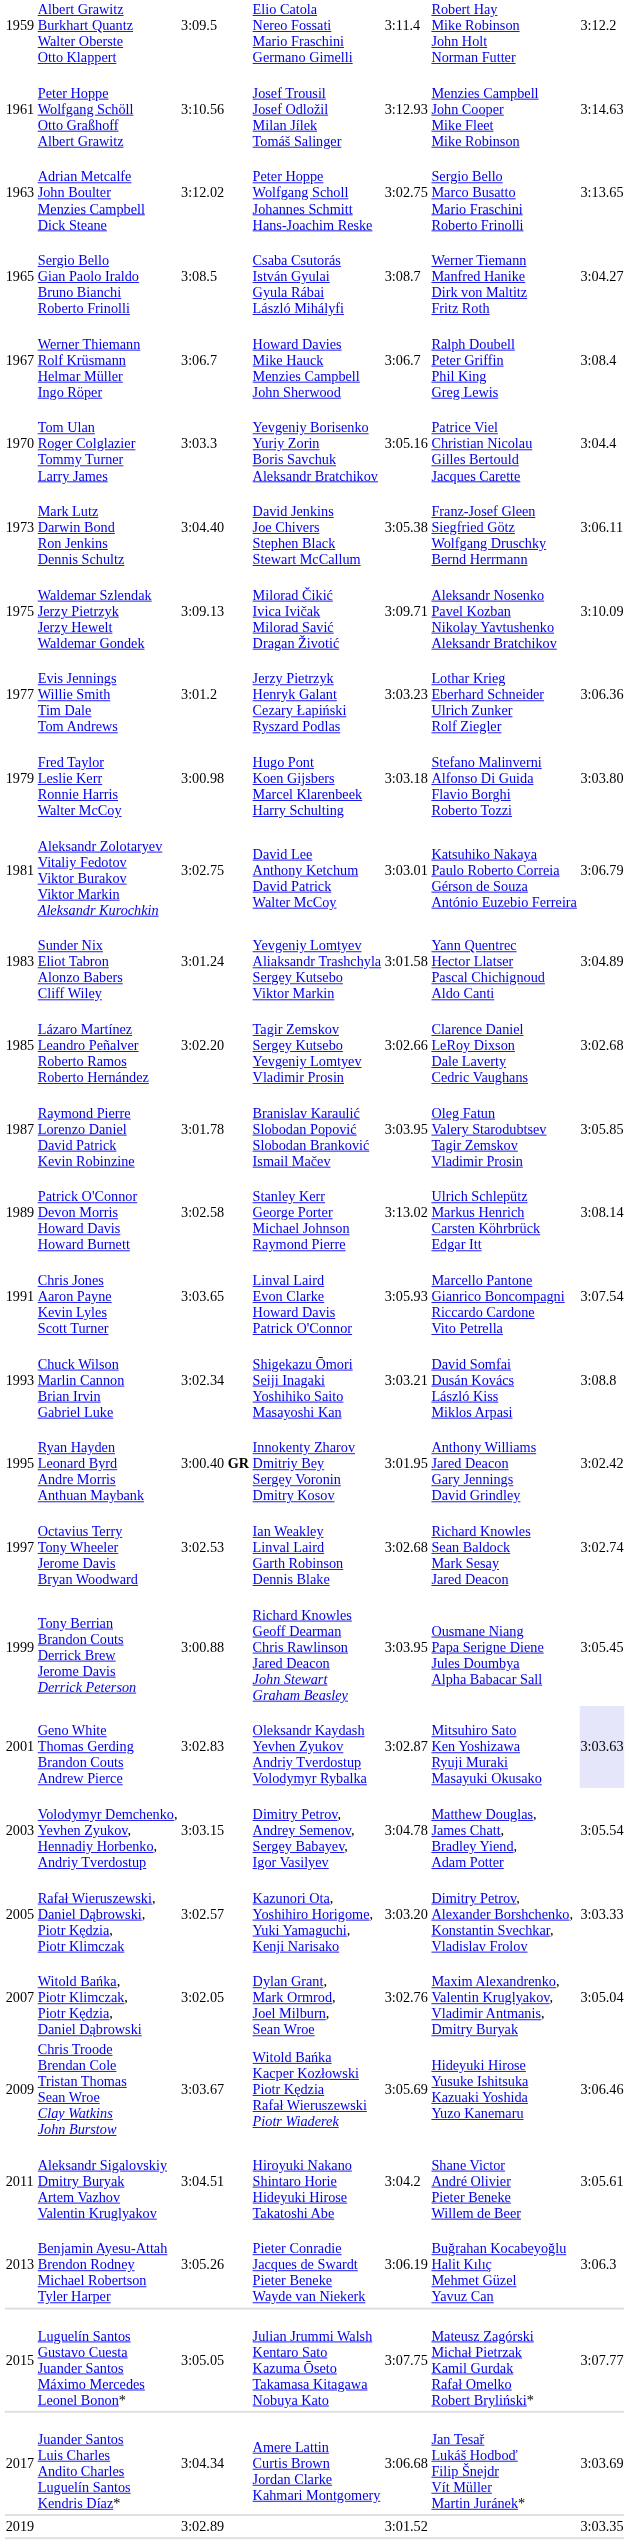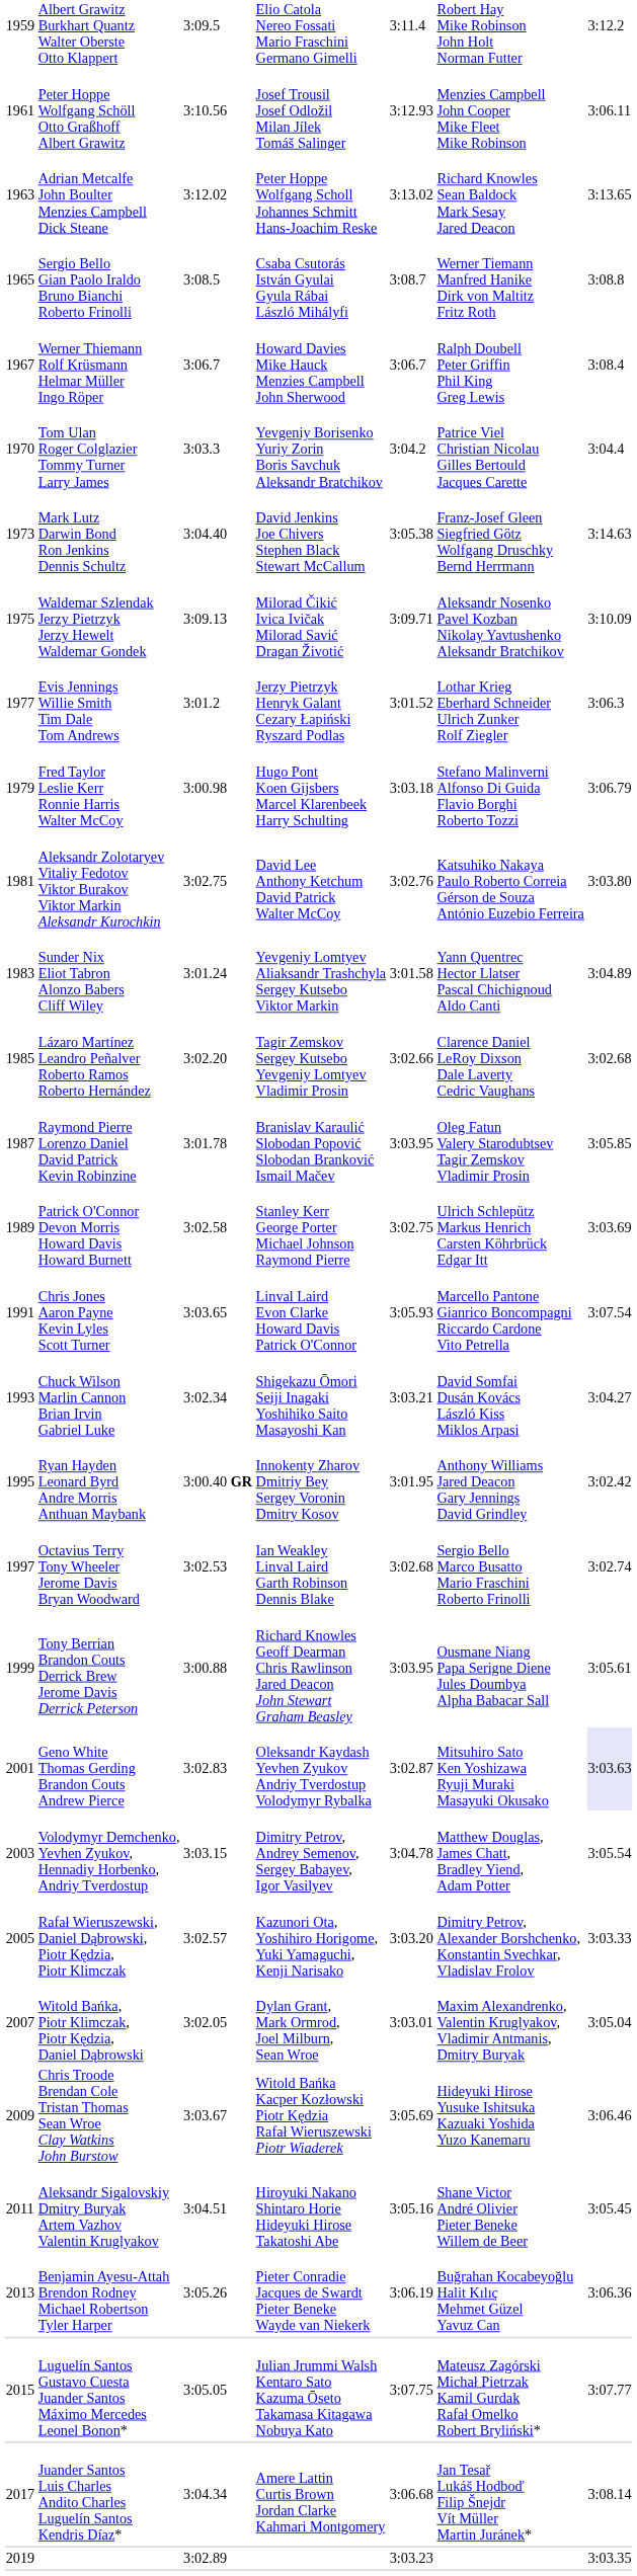 <table>
 <tr>
 <td>1959</td>
 <td><br><a href='#'>Albert Grawitz</a><br><a href='#'>Burkhart Quantz</a><br><a href='#'>Walter Oberste</a><br><a href='#'>Otto Klappert</a></td>
 <td>3:09.5</td>
 <td><br><a href='#'>Elio Catola</a><br><a href='#'>Nereo Fossati</a><br><a href='#'>Mario Fraschini</a><br><a href='#'>Germano Gimelli</a></td>
 <td>3:11.4</td>
 <td><br><a href='#'>Robert Hay</a><br><a href='#'>Mike Robinson</a><br><a href='#'>John Holt</a><br><a href='#'>Norman Futter</a></td>
 <td>3:12.2</td>
 </tr>
 <tr>
 <td>1961</td>
 <td><br><a href='#'>Peter Hoppe</a><br><a href='#'>Wolfgang Schöll</a><br><a href='#'>Otto Graßhoff</a><br><a href='#'>Albert Grawitz</a></td>
 <td>3:10.56</td>
 <td><br><a href='#'>Josef Trousil</a><br><a href='#'>Josef Odložil</a><br><a href='#'>Milan Jílek</a><br><a href='#'>Tomáš Salinger</a></td>
 <td>3:12.93</td>
 <td><br><a href='#'>Menzies Campbell</a><br><a href='#'>John Cooper</a><br><a href='#'>Mike Fleet</a><br><a href='#'>Mike Robinson</a></td>
-<td>3:14.63</td>
+<td>3:06.11</td>
 </tr>
 <tr>
 <td>1963</td>
 <td><br><a href='#'>Adrian Metcalfe</a><br><a href='#'>John Boulter</a><br><a href='#'>Menzies Campbell</a><br><a href='#'>Dick Steane</a></td>
 <td>3:12.02</td>
 <td><br><a href='#'>Peter Hoppe</a><br><a href='#'>Wolfgang Scholl</a><br><a href='#'>Johannes Schmitt</a><br><a href='#'>Hans-Joachim Reske</a></td>
-<td>3:02.75</td>
-<td><br><a href='#'>Sergio Bello</a><br><a href='#'>Marco Busatto</a><br><a href='#'>Mario Fraschini</a><br><a href='#'>Roberto Frinolli</a></td>
+<td>3:13.02</td>
+<td><br><a href='#'>Richard Knowles</a><br><a href='#'>Sean Baldock</a><br><a href='#'>Mark Sesay</a><br><a href='#'>Jared Deacon</a></td>
 <td>3:13.65</td>
 </tr>
 <tr>
 <td>1965</td>
 <td><br><a href='#'>Sergio Bello</a><br><a href='#'>Gian Paolo Iraldo</a><br><a href='#'>Bruno Bianchi</a><br><a href='#'>Roberto Frinolli</a></td>
 <td>3:08.5</td>
 <td><br><a href='#'>Csaba Csutorás</a><br><a href='#'>István Gyulai</a><br><a href='#'>Gyula Rábai</a><br><a href='#'>László Mihályfi</a></td>
 <td>3:08.7</td>
 <td><br><a href='#'>Werner Tiemann</a><br><a href='#'>Manfred Hanike</a><br><a href='#'>Dirk von Maltitz</a><br><a href='#'>Fritz Roth</a></td>
-<td>3:04.27</td>
+<td>3:08.8</td>
 </tr>
 <tr>
 <td>1967</td>
 <td><br><a href='#'>Werner Thiemann</a><br><a href='#'>Rolf Krüsmann</a><br><a href='#'>Helmar Müller</a><br><a href='#'>Ingo Röper</a></td>
 <td>3:06.7</td>
 <td><br><a href='#'>Howard Davies</a><br><a href='#'>Mike Hauck</a><br><a href='#'>Menzies Campbell</a><br><a href='#'>John Sherwood</a></td>
 <td>3:06.7</td>
 <td><br><a href='#'>Ralph Doubell</a><br><a href='#'>Peter Griffin</a><br><a href='#'>Phil King</a><br><a href='#'>Greg Lewis</a></td>
 <td>3:08.4</td>
 </tr>
 <tr>
 <td>1970</td>
 <td><br><a href='#'>Tom Ulan</a><br><a href='#'>Roger Colglazier</a><br><a href='#'>Tommy Turner</a><br><a href='#'>Larry James</a></td>
 <td>3:03.3</td>
 <td><br><a href='#'>Yevgeniy Borisenko</a><br><a href='#'>Yuriy Zorin</a><br><a href='#'>Boris Savchuk</a><br><a href='#'>Aleksandr Bratchikov</a></td>
-<td>3:05.16</td>
+<td>3:04.2</td>
 <td><br><a href='#'>Patrice Viel</a><br><a href='#'>Christian Nicolau</a><br><a href='#'>Gilles Bertould</a><br><a href='#'>Jacques Carette</a></td>
 <td>3:04.4</td>
 </tr>
 <tr>
 <td>1973</td>
 <td><br><a href='#'>Mark Lutz</a><br><a href='#'>Darwin Bond</a><br><a href='#'>Ron Jenkins</a><br><a href='#'>Dennis Schultz</a></td>
 <td>3:04.40</td>
 <td><br><a href='#'>David Jenkins</a><br><a href='#'>Joe Chivers</a><br><a href='#'>Stephen Black</a><br><a href='#'>Stewart McCallum</a></td>
 <td>3:05.38</td>
 <td><br><a href='#'>Franz-Josef Gleen</a><br><a href='#'>Siegfried Götz</a><br><a href='#'>Wolfgang Druschky</a><br><a href='#'>Bernd Herrmann</a></td>
-<td>3:06.11</td>
+<td>3:14.63</td>
 </tr>
 <tr>
 <td>1975</td>
 <td><br><a href='#'>Waldemar Szlendak</a><br><a href='#'>Jerzy Pietrzyk</a><br><a href='#'>Jerzy Hewelt</a><br><a href='#'>Waldemar Gondek</a></td>
 <td>3:09.13</td>
 <td><br><a href='#'>Milorad Čikić</a><br><a href='#'>Ivica Ivičak</a><br><a href='#'>Milorad Savić</a><br><a href='#'>Dragan Životić</a></td>
 <td>3:09.71</td>
 <td><br><a href='#'>Aleksandr Nosenko</a><br><a href='#'>Pavel Kozban</a><br><a href='#'>Nikolay Yavtushenko</a><br><a href='#'>Aleksandr Bratchikov</a></td>
 <td>3:10.09</td>
 </tr>
 <tr>
 <td>1977</td>
 <td><br><a href='#'>Evis Jennings</a><br><a href='#'>Willie Smith</a><br><a href='#'>Tim Dale</a><br><a href='#'>Tom Andrews</a></td>
 <td>3:01.2</td>
 <td><br><a href='#'>Jerzy Pietrzyk</a><br><a href='#'>Henryk Galant</a><br><a href='#'>Cezary Łapiński</a><br><a href='#'>Ryszard Podlas</a></td>
-<td>3:03.23</td>
+<td>3:01.52</td>
 <td><br><a href='#'>Lothar Krieg</a><br><a href='#'>Eberhard Schneider</a><br><a href='#'>Ulrich Zunker</a><br><a href='#'>Rolf Ziegler</a></td>
-<td>3:06.36</td>
+<td>3:06.3</td>
 </tr>
 <tr>
 <td>1979</td>
 <td><br><a href='#'>Fred Taylor</a><br><a href='#'>Leslie Kerr</a><br><a href='#'>Ronnie Harris</a><br><a href='#'>Walter McCoy</a></td>
 <td>3:00.98</td>
 <td><br><a href='#'>Hugo Pont</a><br><a href='#'>Koen Gijsbers</a><br><a href='#'>Marcel Klarenbeek</a><br><a href='#'>Harry Schulting</a></td>
 <td>3:03.18</td>
 <td><br><a href='#'>Stefano Malinverni</a><br><a href='#'>Alfonso Di Guida</a><br><a href='#'>Flavio Borghi</a><br><a href='#'>Roberto Tozzi</a></td>
-<td>3:03.80</td>
+<td>3:06.79</td>
 </tr>
 <tr>
 <td>1981</td>
 <td><br><a href='#'>Aleksandr Zolotaryev</a><br><a href='#'>Vitaliy Fedotov</a><br><a href='#'>Viktor Burakov</a><br><a href='#'>Viktor Markin</a><br><em><a href='#'>Aleksandr Kurochkin</a></em></td>
 <td>3:02.75</td>
 <td><br><a href='#'>David Lee</a><br><a href='#'>Anthony Ketchum</a><br><a href='#'>David Patrick</a><br><a href='#'>Walter McCoy</a></td>
-<td>3:03.01</td>
+<td>3:02.76</td>
 <td><br><a href='#'>Katsuhiko Nakaya</a><br><a href='#'>Paulo Roberto Correia</a><br><a href='#'>Gérson de Souza</a><br><a href='#'>António Euzebio Ferreira</a></td>
-<td>3:06.79</td>
+<td>3:03.80</td>
 </tr>
 <tr>
 <td>1983</td>
 <td><br><a href='#'>Sunder Nix</a><br><a href='#'>Eliot Tabron</a><br><a href='#'>Alonzo Babers</a><br><a href='#'>Cliff Wiley</a></td>
 <td>3:01.24</td>
 <td><br><a href='#'>Yevgeniy Lomtyev</a><br><a href='#'>Aliaksandr Trashchyla</a><br><a href='#'>Sergey Kutsebo</a><br><a href='#'>Viktor Markin</a></td>
 <td>3:01.58</td>
 <td><br><a href='#'>Yann Quentrec</a><br><a href='#'>Hector Llatser</a><br><a href='#'>Pascal Chichignoud</a><br><a href='#'>Aldo Canti</a></td>
 <td>3:04.89</td>
 </tr>
 <tr>
 <td>1985</td>
 <td><br><a href='#'>Lázaro Martínez</a><br><a href='#'>Leandro Peñalver</a><br><a href='#'>Roberto Ramos</a><br><a href='#'>Roberto Hernández</a></td>
 <td>3:02.20</td>
 <td><br><a href='#'>Tagir Zemskov</a><br><a href='#'>Sergey Kutsebo</a><br><a href='#'>Yevgeniy Lomtyev</a><br><a href='#'>Vladimir Prosin</a></td>
 <td>3:02.66</td>
 <td><br><a href='#'>Clarence Daniel</a><br><a href='#'>LeRoy Dixson</a><br><a href='#'>Dale Laverty</a><br><a href='#'>Cedric Vaughans</a></td>
 <td>3:02.68</td>
 </tr>
 <tr>
 <td>1987</td>
 <td><br><a href='#'>Raymond Pierre</a><br><a href='#'>Lorenzo Daniel</a><br><a href='#'>David Patrick</a><br><a href='#'>Kevin Robinzine</a></td>
 <td>3:01.78</td>
 <td><br><a href='#'>Branislav Karaulić</a><br><a href='#'>Slobodan Popović</a><br><a href='#'>Slobodan Branković</a><br><a href='#'>Ismail Mačev</a></td>
 <td>3:03.95</td>
 <td><br><a href='#'>Oleg Fatun</a><br><a href='#'>Valery Starodubtsev</a><br><a href='#'>Tagir Zemskov</a><br><a href='#'>Vladimir Prosin</a></td>
 <td>3:05.85</td>
 </tr>
 <tr>
 <td>1989</td>
 <td><br><a href='#'>Patrick O'Connor</a><br><a href='#'>Devon Morris</a><br><a href='#'>Howard Davis</a><br><a href='#'>Howard Burnett</a></td>
 <td>3:02.58</td>
 <td><br><a href='#'>Stanley Kerr</a><br><a href='#'>George Porter</a><br><a href='#'>Michael Johnson</a><br><a href='#'>Raymond Pierre</a></td>
-<td>3:13.02</td>
+<td>3:02.75</td>
 <td><br><a href='#'>Ulrich Schlepütz</a><br><a href='#'>Markus Henrich</a><br><a href='#'>Carsten Köhrbrück</a><br><a href='#'>Edgar Itt</a></td>
-<td>3:08.14</td>
+<td>3:03.69</td>
 </tr>
 <tr>
 <td>1991</td>
 <td><br><a href='#'>Chris Jones</a><br><a href='#'>Aaron Payne</a><br><a href='#'>Kevin Lyles</a><br><a href='#'>Scott Turner</a></td>
 <td>3:03.65</td>
 <td><br><a href='#'>Linval Laird</a><br><a href='#'>Evon Clarke</a><br><a href='#'>Howard Davis</a><br><a href='#'>Patrick O'Connor</a></td>
 <td>3:05.93</td>
 <td><br><a href='#'>Marcello Pantone</a><br><a href='#'>Gianrico Boncompagni</a><br><a href='#'>Riccardo Cardone</a><br><a href='#'>Vito Petrella</a></td>
 <td>3:07.54</td>
 </tr>
 <tr>
 <td>1993</td>
 <td><br><a href='#'>Chuck Wilson</a><br><a href='#'>Marlin Cannon</a><br><a href='#'>Brian Irvin</a><br><a href='#'>Gabriel Luke</a></td>
 <td>3:02.34</td>
 <td><br><a href='#'>Shigekazu Ōmori</a><br><a href='#'>Seiji Inagaki</a><br><a href='#'>Yoshihiko Saito</a><br><a href='#'>Masayoshi Kan</a></td>
 <td>3:03.21</td>
 <td><br><a href='#'>David Somfai</a><br><a href='#'>Dusán Kovács</a><br><a href='#'>László Kiss</a><br><a href='#'>Miklos Arpasi</a></td>
-<td>3:08.8</td>
+<td>3:04.27</td>
 </tr>
 <tr>
 <td>1995</td>
 <td><br><a href='#'>Ryan Hayden</a><br><a href='#'>Leonard Byrd</a><br><a href='#'>Andre Morris</a><br><a href='#'>Anthuan Maybank</a></td>
 <td>3:00.40 <strong>GR</strong></td>
 <td><br><a href='#'>Innokenty Zharov</a><br><a href='#'>Dmitriy Bey</a><br><a href='#'>Sergey Voronin</a><br><a href='#'>Dmitry Kosov</a></td>
 <td>3:01.95</td>
 <td><br><a href='#'>Anthony Williams</a><br><a href='#'>Jared Deacon</a><br><a href='#'>Gary Jennings</a><br><a href='#'>David Grindley</a></td>
 <td>3:02.42</td>
 </tr>
 <tr>
 <td>1997</td>
 <td><br><a href='#'>Octavius Terry</a><br><a href='#'>Tony Wheeler</a><br><a href='#'>Jerome Davis</a><br><a href='#'>Bryan Woodward</a></td>
 <td>3:02.53</td>
 <td><br><a href='#'>Ian Weakley</a><br><a href='#'>Linval Laird</a><br><a href='#'>Garth Robinson</a><br><a href='#'>Dennis Blake</a></td>
 <td>3:02.68</td>
-<td><br><a href='#'>Richard Knowles</a><br><a href='#'>Sean Baldock</a><br><a href='#'>Mark Sesay</a><br><a href='#'>Jared Deacon</a></td>
+<td><br><a href='#'>Sergio Bello</a><br><a href='#'>Marco Busatto</a><br><a href='#'>Mario Fraschini</a><br><a href='#'>Roberto Frinolli</a></td>
 <td>3:02.74</td>
 </tr>
 <tr>
 <td>1999</td>
 <td><br><a href='#'>Tony Berrian</a><br><a href='#'>Brandon Couts</a><br><a href='#'>Derrick Brew</a><br><a href='#'>Jerome Davis</a><br><em><a href='#'>Derrick Peterson</a></em></td>
 <td>3:00.88</td>
 <td><br><a href='#'>Richard Knowles</a><br><a href='#'>Geoff Dearman</a><br><a href='#'>Chris Rawlinson</a><br><a href='#'>Jared Deacon</a><br><em><a href='#'>John Stewart</a></em><br><em><a href='#'>Graham Beasley</a></em></td>
 <td>3:03.95</td>
 <td><br><a href='#'>Ousmane Niang</a><br><a href='#'>Papa Serigne Diene</a><br><a href='#'>Jules Doumbya</a><br><a href='#'>Alpha Babacar Sall</a></td>
-<td>3:05.45</td>
+<td>3:05.61</td>
 </tr>
 <tr>
 <td>2001</td>
 <td><br><a href='#'>Geno White</a><br><a href='#'>Thomas Gerding</a><br><a href='#'>Brandon Couts</a><br><a href='#'>Andrew Pierce</a></td>
 <td>3:02.83</td>
 <td><br><a href='#'>Oleksandr Kaydash</a><br><a href='#'>Yevhen Zyukov</a><br><a href='#'>Andriy Tverdostup</a><br><a href='#'>Volodymyr Rybalka</a></td>
 <td>3:02.87</td>
 <td><br><a href='#'>Mitsuhiro Sato</a><br><a href='#'>Ken Yoshizawa</a><br><a href='#'>Ryuji Muraki</a><br><a href='#'>Masayuki Okusako</a></td>
 <td style="background: lavender;">3:03.63</td>
 </tr>
 <tr>
 <td>2003</td>
 <td><br><a href='#'>Volodymyr Demchenko</a>,<br><a href='#'>Yevhen Zyukov</a>,<br><a href='#'>Hennadiy Horbenko</a>,<br><a href='#'>Andriy Tverdostup</a></td>
 <td>3:03.15</td>
 <td><br><a href='#'>Dimitry Petrov</a>,<br><a href='#'>Andrey Semenov</a>,<br><a href='#'>Sergey Babayev</a>,<br><a href='#'>Igor Vasilyev</a></td>
 <td>3:04.78</td>
 <td><br><a href='#'>Matthew Douglas</a>,<br><a href='#'>James Chatt</a>,<br><a href='#'>Bradley Yiend</a>,<br><a href='#'>Adam Potter</a></td>
 <td>3:05.54</td>
 </tr>
 <tr>
 <td>2005<br></td>
 <td><br><a href='#'>Rafał Wieruszewski</a>,<br><a href='#'>Daniel Dąbrowski</a>,<br><a href='#'>Piotr Kędzia</a>,<br><a href='#'>Piotr Klimczak</a></td>
 <td>3:02.57</td>
 <td><br><a href='#'>Kazunori Ota</a>,<br><a href='#'>Yoshihiro Horigome</a>,<br><a href='#'>Yuki Yamaguchi</a>,<br><a href='#'>Kenji Narisako</a></td>
 <td>3:03.20</td>
 <td><br><a href='#'>Dimitry Petrov</a>,<br><a href='#'>Alexander Borshchenko</a>,<br><a href='#'>Konstantin Svechkar</a>,<br><a href='#'>Vladislav Frolov</a></td>
 <td>3:03.33</td>
 </tr>
 <tr>
 <td>2007<br></td>
 <td><br><a href='#'>Witold Bańka</a>,<br><a href='#'>Piotr Klimczak</a>,<br><a href='#'>Piotr Kędzia</a>,<br><a href='#'>Daniel Dąbrowski</a></td>
 <td>3:02.05</td>
 <td><br><a href='#'>Dylan Grant</a>,<br><a href='#'>Mark Ormrod</a>,<br><a href='#'>Joel Milburn</a>,<br><a href='#'>Sean Wroe</a></td>
-<td>3:02.76</td>
+<td>3:03.01</td>
 <td><br><a href='#'>Maxim Alexandrenko</a>,<br><a href='#'>Valentin Kruglyakov</a>,<br><a href='#'>Vladimir Antmanis</a>,<br><a href='#'>Dmitry Buryak</a></td>
 <td>3:05.04</td>
 </tr>
 <tr>
 <td>2009<br></td>
 <td><a href='#'>Chris Troode</a><br><a href='#'>Brendan Cole</a><br><a href='#'>Tristan Thomas</a><br><a href='#'>Sean Wroe</a><br><em><a href='#'>Clay Watkins</a></em><br><em><a href='#'>John Burstow</a></em><br> </td>
 <td>3:03.67</td>
 <td><a href='#'>Witold Bańka</a><br><a href='#'>Kacper Kozłowski</a><br><a href='#'>Piotr Kędzia</a><br><a href='#'>Rafał Wieruszewski</a><br><em><a href='#'>Piotr Wiaderek</a></em><br> </td>
 <td>3:05.69</td>
 <td><a href='#'>Hideyuki Hirose</a><br><a href='#'>Yusuke Ishitsuka</a><br><a href='#'>Kazuaki Yoshida</a><br><a href='#'>Yuzo Kanemaru</a><br> </td>
 <td>3:06.46</td>
 </tr>
 <tr>
 <td>2011<br></td>
 <td><br><a href='#'>Aleksandr Sigalovskiy</a> <br><a href='#'>Dmitry Buryak</a><br><a href='#'>Artem Vazhov</a><br><a href='#'>Valentin Kruglyakov</a></td>
 <td>3:04.51</td>
 <td><br><a href='#'>Hiroyuki Nakano</a> <br><a href='#'>Shintaro Horie</a><br><a href='#'>Hideyuki Hirose</a><br><a href='#'>Takatoshi Abe</a></td>
-<td>3:04.2</td>
+<td>3:05.16</td>
 <td><br><a href='#'>Shane Victor</a> <br><a href='#'>André Olivier</a><br><a href='#'>Pieter Beneke</a><br><a href='#'>Willem de Beer</a></td>
-<td>3:05.61</td>
+<td>3:05.45</td>
 </tr>
 <tr>
 <td>2013<br></td>
 <td><br><a href='#'>Benjamin Ayesu-Attah</a><br><a href='#'>Brendon Rodney</a><br><a href='#'>Michael Robertson</a><br><a href='#'>Tyler Harper</a></td>
 <td>3:05.26</td>
 <td><br><a href='#'>Pieter Conradie</a><br><a href='#'>Jacques de Swardt</a><br><a href='#'>Pieter Beneke</a><br><a href='#'>Wayde van Niekerk</a></td>
 <td>3:06.19</td>
 <td><br><a href='#'>Buğrahan Kocabeyoğlu</a><br><a href='#'>Halit Kılıç</a><br><a href='#'>Mehmet Güzel</a><br><a href='#'>Yavuz Can</a></td>
-<td>3:06.3</td>
+<td>3:06.36</td>
 </tr>
 <tr bgcolor=#DDDDDD>
 <td colspan=7></td>
 </tr>
 <tr>
 <td>2015<br></td>
 <td><br><a href='#'>Luguelín Santos</a><br><a href='#'>Gustavo Cuesta</a><br><a href='#'>Juander Santos</a><br><a href='#'>Máximo Mercedes</a><br><a href='#'>Leonel Bonon</a>*</td>
 <td>3:05.05</td>
 <td><br><a href='#'>Julian Jrummi Walsh</a><br><a href='#'>Kentaro Sato</a><br><a href='#'>Kazuma Ōseto</a><br><a href='#'>Takamasa Kitagawa</a><br><a href='#'>Nobuya Kato</a></td>
 <td>3:07.75</td>
 <td><br><a href='#'>Mateusz Zagórski</a><br><a href='#'>Michał Pietrzak</a><br><a href='#'>Kamil Gurdak</a><br><a href='#'>Rafał Omelko</a><br><a href='#'>Robert Bryliński</a>*</td>
 <td>3:07.77</td>
 </tr>
 <tr bgcolor=#DDDDDD>
 <td colspan=7></td>
 </tr>
 <tr>
 <td>2017<br></td>
 <td><br><a href='#'>Juander Santos</a><br><a href='#'>Luis Charles</a><br><a href='#'>Andito Charles</a><br><a href='#'>Luguelín Santos</a><br><a href='#'>Kendris Díaz</a>*</td>
 <td>3:04.34</td>
 <td><br><a href='#'>Amere Lattin</a><br><a href='#'>Curtis Brown</a><br><a href='#'>Jordan Clarke</a><br><a href='#'>Kahmari Montgomery</a></td>
 <td>3:06.68</td>
 <td><br><a href='#'>Jan Tesař</a><br><a href='#'>Lukáš Hodboď</a><br><a href='#'>Filip Šnejdr</a><br><a href='#'>Vít Müller</a><br><a href='#'>Martin Juránek</a>*</td>
-<td>3:03.69</td>
+<td>3:08.14</td>
 </tr>
 <tr bgcolor=#DDDDDD>
 <td colspan=7></td>
 </tr>
 <tr>
 <td>2019<br></td>
 <td></td>
 <td>3:02.89 </td>
 <td></td>
-<td>3:01.52</td>
+<td>3:03.23</td>
 <td></td>
 <td>3:03.35</td>
 </tr>
 <tr>
 <td bgcolor="#dddddd" colspan="7"></td>
 </tr>
 </table>
